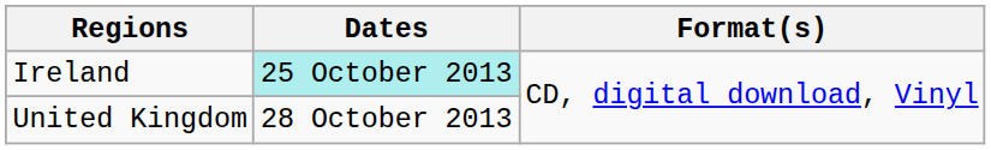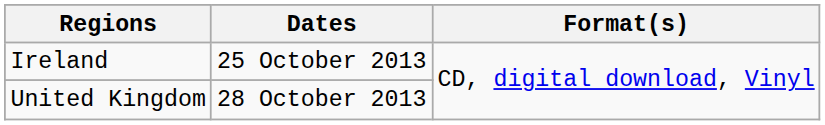 <table class="wikitable plainrowheaders">
 <tr>
 <th scope="col">Regions</th>
 <th scope="col">Dates</th>
 <th scope="col">Format(s)</th>
 </tr>
 <tr>
 <td>Ireland</td>
-<td style="background: paleturquoise;">25 October 2013</td>
+<td>25 October 2013</td>
 <td rowspan="2">CD, <a href='#'>digital download</a>, <a href='#'>Vinyl</a></td>
 </tr>
 <tr>
 <td>United Kingdom</td>
 <td>28 October 2013</td>
 </tr>
 </table>
